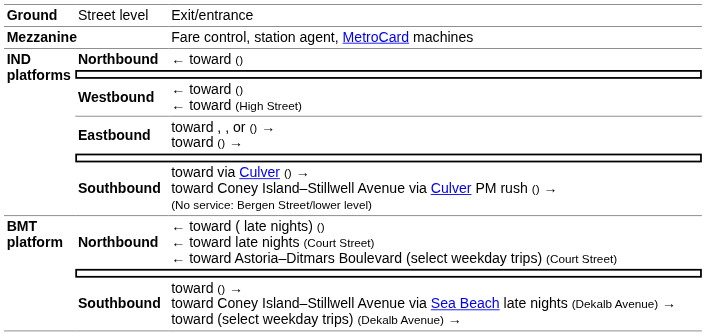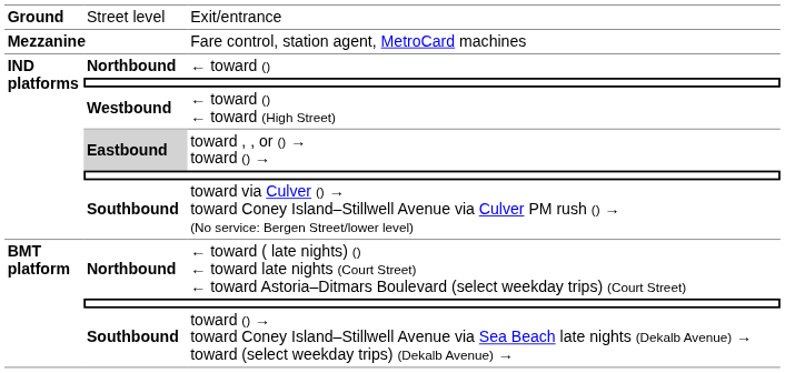 <table border=0 cellspacing=0 cellpadding=3>
 <tr>
 <td style="border-top:solid 1px gray;" width=75><strong>Ground</strong></td>
 <td style="border-top:solid 1px gray;" width=100>Street level</td>
 <td style="border-top:solid 1px gray;" width=600>Exit/entrance</td>
 </tr>
 <tr>
 <td style="border-top:solid 1px gray;vertical-align:top;" colspan=2><strong>Mezzanine</strong></td>
 <td style="border-top:solid 1px gray;">Fare control, station agent, <a href='#'>MetroCard</a> machines<br></td>
 </tr>
 <tr>
 <td style="border-top:solid 1px gray;border-bottom:solid 1px gray;vertical-align:top;" rowspan=6><strong>IND<br>platforms</strong></td>
 <td style="border-top:solid 1px gray;"><span><strong>Northbound</strong></span></td>
 <td style="border-top:solid 1px gray;">←   toward  <small>()</small></td>
 </tr>
 <tr>
 <td style="border-top:solid 2px black;border-right:solid 2px black;border-left:solid 2px black;border-bottom:solid 2px black;text-align:center;" colspan=2></td>
 </tr>
 <tr>
 <td style="border-bottom:solid 1px gray;"><span><strong>Westbound</strong></span></td>
 <td style="border-bottom:solid 1px gray;">←  toward  <small>()</small><br>←  toward  <small>(High Street)</small></td>
 </tr>
 <tr>
-<td><span><strong>Eastbound</strong></span></td>
+<td style="background: lightgrey;"><span><strong>Eastbound</strong></span></td>
 <td>  toward , , or  <small>()</small> →<br>  toward  <small>()</small> →</td>
 </tr>
 <tr>
 <td style="border-top:solid 2px black;border-right:solid 2px black;border-left:solid 2px black;border-bottom:solid 2px black;text-align:center;" colspan=2></td>
 </tr>
 <tr>
 <td style="border-bottom:solid 1px gray;"><span><strong>Southbound</strong></span></td>
 <td style="border-bottom:solid 1px gray;">  toward  via <a href='#'>Culver</a> <small>()</small> →<br>  toward Coney Island–Stillwell Avenue via <a href='#'>Culver</a> PM rush <small>()</small> →<br> <small>(No service: Bergen Street/lower level)</small></td>
 </tr>
 <tr>
 <td style="border-bottom:solid 1px gray;vertical-align:top;" rowspan=3><strong>BMT<br>platform</strong></td>
 <td><span><strong>Northbound</strong></span></td>
 <td>←  toward  ( late nights) <small>()</small><br>←  toward  late nights <small>(Court Street)</small><br>←  toward Astoria–Ditmars Boulevard (select weekday trips) <small>(Court Street)</small></td>
 </tr>
 <tr>
 <td style="border-top:solid 2px black;border-right:solid 2px black;border-left:solid 2px black;border-bottom:solid 2px black;text-align:center;" colspan=2></td>
 </tr>
 <tr>
 <td style="border-bottom:solid 1px gray;"><span><strong>Southbound</strong></span></td>
 <td style="border-bottom:solid 1px gray;">  toward  <small>()</small> →<br>  toward Coney Island–Stillwell Avenue via <a href='#'>Sea Beach</a> late nights <small>(Dekalb Avenue)</small> →<br>  toward  (select weekday trips) <small>(Dekalb Avenue)</small> →</td>
 </tr>
 </table>
